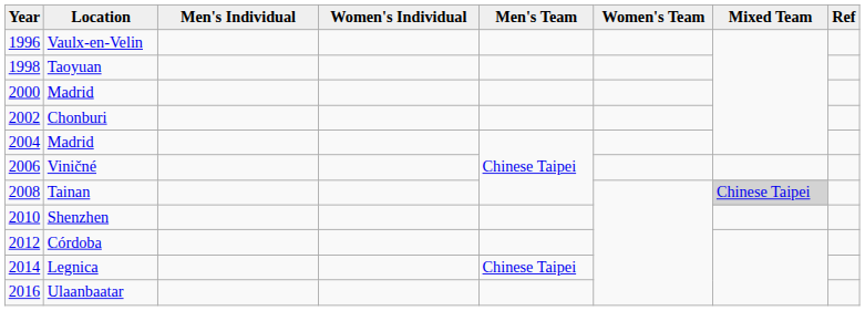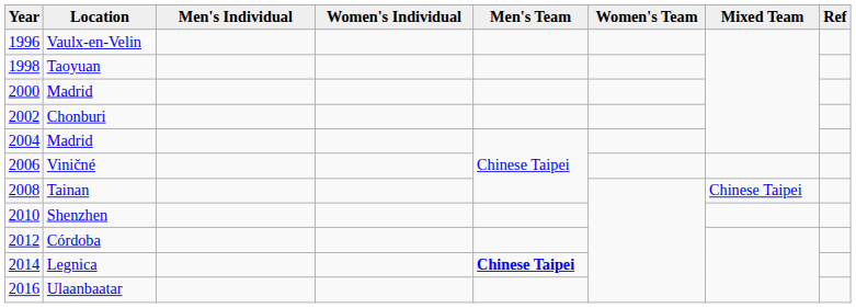 <table class="wikitable">
 <tr>
 <th scope="col" ! width="25" style="background: #efefef;">Year</th>
 <th scope="col" ! width="125" style="background: #efefef;">Location</th>
 <th scope="col" ! width="200" style="background: #efefef;">Men's Individual</th>
 <th scope="col" ! width="200" style="background: #efefef;">Women's Individual</th>
 <th scope="col" ! width="140" style="background: #efefef;">Men's Team</th>
 <th scope="col" ! width="140" style="background: #efefef;">Women's Team</th>
 <th scope="col" ! width="140" style="background: #efefef;">Mixed Team</th>
 <th scope="col" ! width="25" style="background: #efefef;">Ref</th>
 </tr>
 <tr>
 <td><a href='#'>1996</a></td>
 <td> <a href='#'>Vaulx-en-Velin</a></td>
 <td></td>
 <td></td>
 <td></td>
 <td></td>
 <td rowspan=5></td>
 <td></td>
 </tr>
 <tr>
 <td><a href='#'>1998</a></td>
 <td> <a href='#'>Taoyuan</a></td>
 <td></td>
 <td></td>
 <td></td>
 <td></td>
 <td></td>
 </tr>
 <tr>
 <td><a href='#'>2000</a></td>
 <td> <a href='#'>Madrid</a></td>
 <td></td>
 <td></td>
 <td></td>
 <td></td>
 <td></td>
 </tr>
 <tr>
 <td><a href='#'>2002</a></td>
 <td> <a href='#'>Chonburi</a></td>
 <td></td>
 <td></td>
 <td></td>
 <td></td>
 <td></td>
 </tr>
 <tr>
 <td><a href='#'>2004</a></td>
 <td> <a href='#'>Madrid</a></td>
 <td></td>
 <td></td>
 <td rowspan=3> <a href='#'>Chinese Taipei</a></td>
 <td></td>
 <td></td>
 </tr>
 <tr>
 <td><a href='#'>2006</a></td>
 <td> <a href='#'>Viničné</a></td>
 <td></td>
 <td></td>
 <td></td>
 <td></td>
 <td></td>
 </tr>
 <tr>
 <td><a href='#'>2008</a></td>
 <td> <a href='#'>Tainan</a></td>
 <td></td>
 <td></td>
 <td rowspan="5"></td>
-<td style="background: lightgrey;"> <a href='#'>Chinese Taipei</a></td>
+<td> <a href='#'>Chinese Taipei</a></td>
 <td></td>
 </tr>
 <tr>
 <td><a href='#'>2010</a></td>
 <td> <a href='#'>Shenzhen</a></td>
 <td></td>
 <td></td>
 <td></td>
 <td></td>
 <td></td>
 </tr>
 <tr>
 <td><a href='#'>2012</a></td>
 <td> <a href='#'>Córdoba</a></td>
 <td></td>
 <td></td>
 <td></td>
 <td rowspan="3"></td>
 <td></td>
 </tr>
 <tr>
 <td><a href='#'>2014</a></td>
 <td> <a href='#'>Legnica</a></td>
 <td></td>
 <td></td>
-<td> <a href='#'>Chinese Taipei</a></td>
+<td><strong> <a href='#'>Chinese Taipei</a></strong></td>
 <td></td>
 </tr>
 <tr>
 <td><a href='#'>2016</a></td>
 <td> <a href='#'>Ulaanbaatar</a></td>
 <td></td>
 <td></td>
 <td></td>
 <td></td>
 </tr>
 </table>
